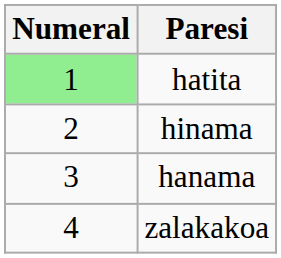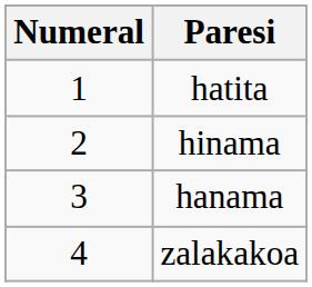 <table class="wikitable" style="text-align: center">
 <tr>
 <th>Numeral</th>
 <th>Paresi</th>
 </tr>
 <tr>
-<td style="background: lightgreen;">1</td>
+<td>1</td>
 <td>hatita</td>
 </tr>
 <tr>
 <td>2</td>
 <td>hinama</td>
 </tr>
 <tr>
 <td>3</td>
 <td>hanama</td>
 </tr>
 <tr>
 <td>4</td>
 <td>zalakakoa</td>
 </tr>
 </table>
